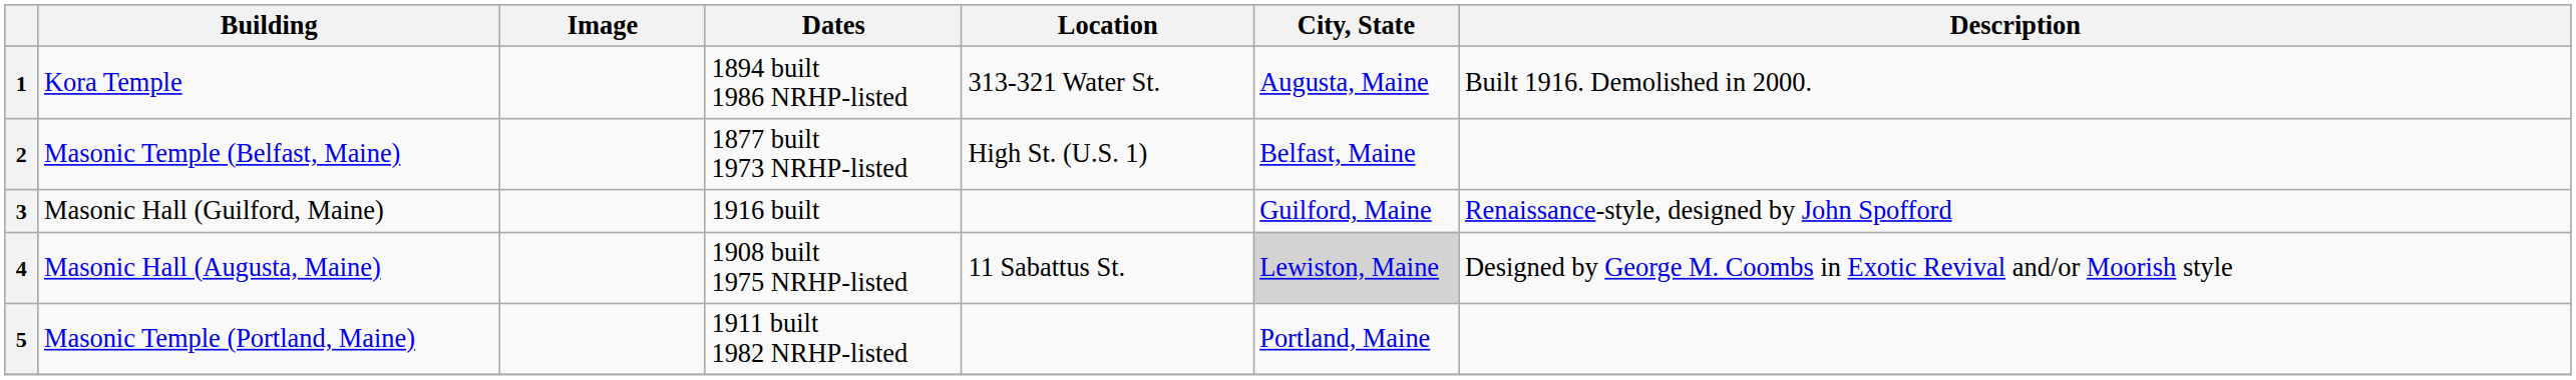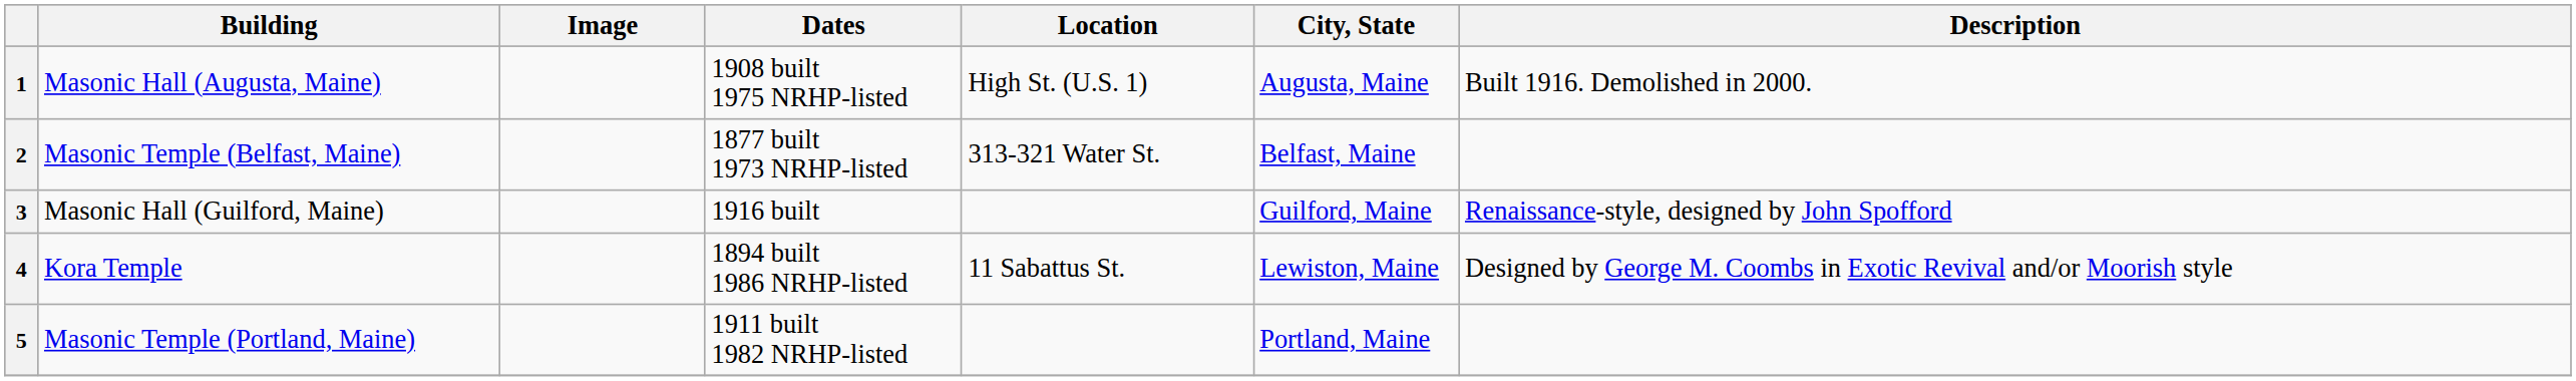 <table class="wikitable sortable" style="width:98%">
 <tr>
 <th></th>
 <th width = 18%><strong>Building</strong></th>
 <th width = 8% class="unsortable"><strong>Image</strong></th>
 <th width = 10%><strong>Dates</strong></th>
 <th><strong>Location</strong></th>
 <th width = 8%><strong>City, State</strong></th>
 <th class="unsortable"><strong>Description</strong></th>
 </tr>
 <tr ->
 <th><small>1</small></th>
-<td><a href='#'>Kora Temple</a></td>
+<td><a href='#'>Masonic Hall (Augusta, Maine)</a></td>
 <td></td>
-<td>1894 built<br>1986 NRHP-listed</td>
-<td>313-321 Water St.<br><small></small></td>
+<td>1908 built<br>1975 NRHP-listed</td>
+<td>High St. (U.S. 1)<br><small></small></td>
 <td><a href='#'>Augusta, Maine</a></td>
 <td>Built 1916.  Demolished in 2000.</td>
 </tr>
 <tr ->
 <th><small>2</small></th>
 <td><a href='#'>Masonic Temple (Belfast, Maine)</a></td>
 <td></td>
 <td>1877 built<br>1973 NRHP-listed</td>
-<td>High St. (U.S. 1)<br><small></small></td>
+<td>313-321 Water St.<br><small></small></td>
 <td><a href='#'>Belfast, Maine</a></td>
 <td></td>
 </tr>
 <tr ->
 <th><small>3</small></th>
 <td>Masonic Hall (Guilford, Maine)</td>
 <td></td>
 <td>1916 built</td>
 <td></td>
 <td><a href='#'>Guilford, Maine</a></td>
 <td><a href='#'>Renaissance</a>-style, designed by <a href='#'>John Spofford</a></td>
 </tr>
 <tr ->
 <th><small>4</small></th>
-<td><a href='#'>Masonic Hall (Augusta, Maine)</a></td>
+<td><a href='#'>Kora Temple</a></td>
 <td></td>
-<td>1908 built<br>1975 NRHP-listed</td>
+<td>1894 built<br>1986 NRHP-listed</td>
 <td>11 Sabattus St.<br><small></small></td>
-<td style="background: lightgrey;"><a href='#'>Lewiston, Maine</a></td>
+<td><a href='#'>Lewiston, Maine</a></td>
 <td>Designed by <a href='#'>George M. Coombs</a> in <a href='#'>Exotic Revival</a> and/or <a href='#'>Moorish</a> style</td>
 </tr>
 <tr ->
 <th><small>5</small></th>
 <td><a href='#'>Masonic Temple (Portland, Maine)</a></td>
 <td></td>
 <td>1911 built<br>1982 NRHP-listed</td>
 <td><br><small></small></td>
 <td><a href='#'>Portland, Maine</a></td>
 <td></td>
 </tr>
 <tr ->
 </tr>
 </table>
